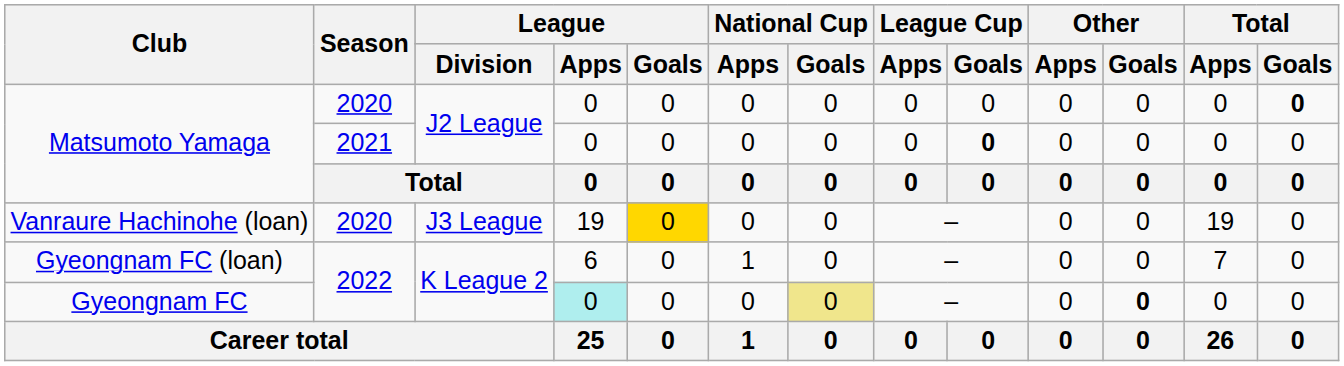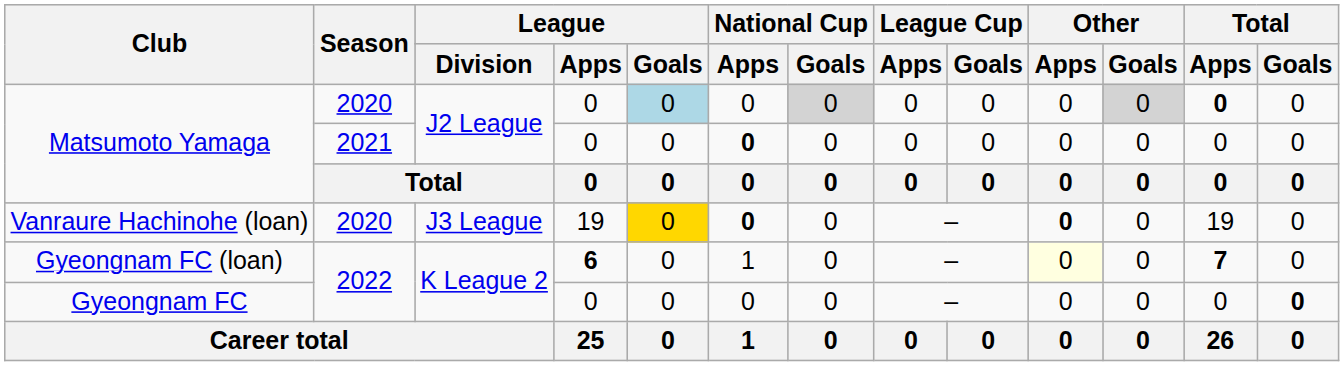 <table class="wikitable" style="text-align: center">
 <tr>
 <th rowspan="2">Club</th>
 <th rowspan="2">Season</th>
 <th colspan="3">League</th>
 <th colspan="2">National Cup</th>
 <th colspan="2">League Cup</th>
 <th colspan="2">Other</th>
 <th colspan="2">Total</th>
 </tr>
 <tr>
 <th>Division</th>
 <th>Apps</th>
 <th>Goals</th>
 <th>Apps</th>
 <th>Goals</th>
 <th>Apps</th>
 <th>Goals</th>
 <th>Apps</th>
 <th>Goals</th>
 <th>Apps</th>
 <th>Goals</th>
 </tr>
 <tr>
 <td rowspan="3"><a href='#'>Matsumoto Yamaga</a></td>
 <td><a href='#'>2020</a></td>
 <td rowspan="2"><a href='#'>J2 League</a></td>
 <td>0</td>
+<td style="background: lightblue;">0</td>
+<td>0</td>
+<td style="background: lightgrey;">0</td>
 <td>0</td>
 <td>0</td>
 <td>0</td>
+<td style="background: lightgrey;">0</td>
+<td><strong>0</strong></td>
 <td>0</td>
-<td>0</td>
-<td>0</td>
-<td>0</td>
-<td>0</td>
-<td><strong>0</strong></td>
 </tr>
 <tr>
 <td><a href='#'>2021</a></td>
 <td>0</td>
 <td>0</td>
+<td><strong>0</strong></td>
 <td>0</td>
 <td>0</td>
 <td>0</td>
-<td><strong>0</strong></td>
 <td>0</td>
 <td>0</td>
 <td>0</td>
 <td>0</td>
 </tr>
 <tr>
 <th colspan=2>Total</th>
 <th>0</th>
 <th>0</th>
 <th>0</th>
 <th>0</th>
 <th>0</th>
 <th>0</th>
 <th>0</th>
 <th>0</th>
 <th>0</th>
 <th>0</th>
 </tr>
 <tr>
 <td><a href='#'>Vanraure Hachinohe</a> (loan)</td>
 <td><a href='#'>2020</a></td>
 <td><a href='#'>J3 League</a></td>
 <td>19</td>
 <td style="background: gold;">0</td>
-<td>0</td>
+<td><strong>0</strong></td>
 <td>0</td>
 <td colspan="2">–</td>
-<td>0</td>
+<td><strong>0</strong></td>
 <td>0</td>
 <td>19</td>
 <td>0</td>
 </tr>
 <tr>
 <td><a href='#'>Gyeongnam FC</a> (loan)</td>
 <td rowspan=2><a href='#'>2022</a></td>
 <td rowspan=2><a href='#'>K League 2</a></td>
-<td>6</td>
+<td><strong>6</strong></td>
 <td>0</td>
 <td>1</td>
 <td>0</td>
 <td colspan="2">–</td>
+<td style="background: lightyellow;">0</td>
 <td>0</td>
-<td>0</td>
-<td>7</td>
+<td><strong>7</strong></td>
 <td>0</td>
 </tr>
 <tr>
 <td><a href='#'>Gyeongnam FC</a></td>
-<td style="background: paleturquoise;">0</td>
 <td>0</td>
 <td>0</td>
-<td style="background: khaki;">0</td>
+<td>0</td>
+<td>0</td>
 <td colspan="2">–</td>
 <td>0</td>
-<td><strong>0</strong></td>
 <td>0</td>
 <td>0</td>
+<td><strong>0</strong></td>
 </tr>
 <tr>
 <th colspan=3>Career total</th>
 <th>25</th>
 <th>0</th>
 <th>1</th>
 <th>0</th>
 <th>0</th>
 <th>0</th>
 <th>0</th>
 <th>0</th>
 <th>26</th>
 <th>0</th>
 </tr>
 </table>
